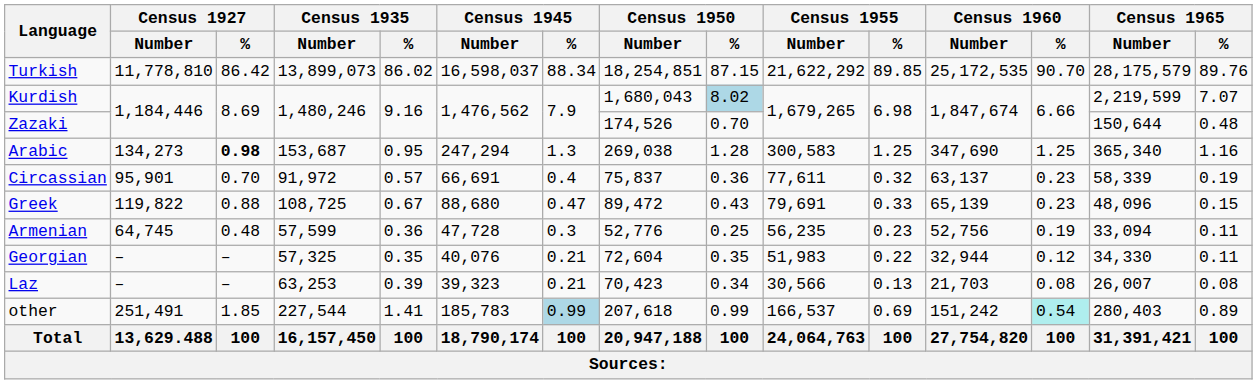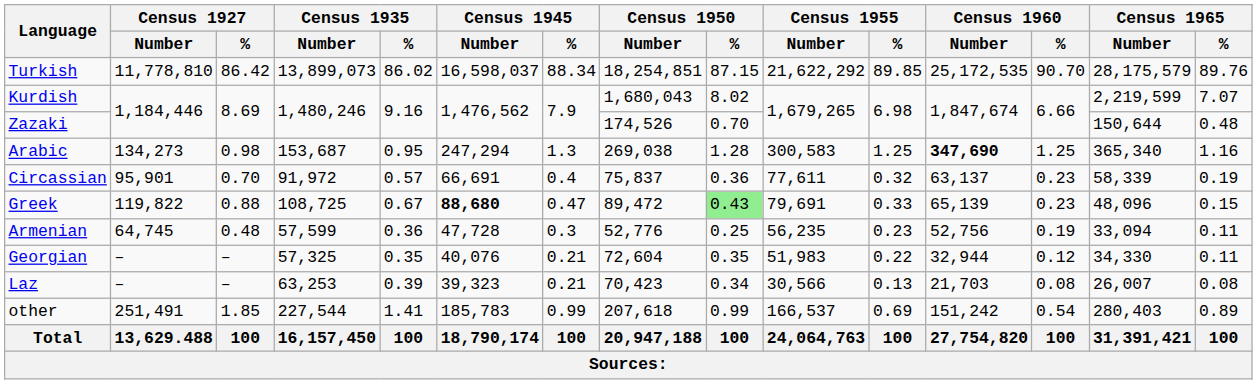 <table class="wikitable">
 <tr>
 <th rowspan="2">Language</th>
 <th colspan="2">Census 1927</th>
 <th colspan="2">Census 1935</th>
 <th colspan="2">Census 1945</th>
 <th colspan="2">Census 1950</th>
 <th colspan="2">Census 1955</th>
 <th colspan="2">Census 1960</th>
 <th colspan="2">Census 1965</th>
 </tr>
 <tr>
 <th>Number</th>
 <th>%</th>
 <th>Number</th>
 <th>%</th>
 <th>Number</th>
 <th>%</th>
 <th>Number</th>
 <th>%</th>
 <th>Number</th>
 <th>%</th>
 <th>Number</th>
 <th>%</th>
 <th>Number</th>
 <th>%</th>
 </tr>
 <tr>
 <td><a href='#'>Turkish</a></td>
 <td>11,778,810</td>
 <td>86.42</td>
 <td>13,899,073</td>
 <td>86.02</td>
 <td>16,598,037</td>
 <td>88.34</td>
 <td>18,254,851</td>
 <td>87.15</td>
 <td>21,622,292</td>
 <td>89.85</td>
 <td>25,172,535</td>
 <td>90.70</td>
 <td>28,175,579</td>
 <td>89.76</td>
 </tr>
 <tr>
 <td><a href='#'>Kurdish</a></td>
 <td rowspan="2">1,184,446</td>
 <td rowspan="2">8.69</td>
 <td rowspan="2">1,480,246</td>
 <td rowspan="2">9.16</td>
 <td rowspan="2">1,476,562</td>
 <td rowspan="2">7.9</td>
 <td>1,680,043</td>
-<td style="background: lightblue;">8.02</td>
+<td>8.02</td>
 <td rowspan="2">1,679,265</td>
 <td rowspan="2">6.98</td>
 <td rowspan="2">1,847,674</td>
 <td rowspan="2">6.66</td>
 <td>2,219,599</td>
 <td>7.07</td>
 </tr>
 <tr>
 <td><a href='#'>Zazaki</a></td>
 <td>174,526</td>
 <td>0.70</td>
 <td>150,644</td>
 <td>0.48</td>
 </tr>
 <tr>
 <td><a href='#'>Arabic</a></td>
 <td>134,273</td>
-<td><strong>0.98</strong></td>
+<td>0.98</td>
 <td>153,687</td>
 <td>0.95</td>
 <td>247,294</td>
 <td>1.3</td>
 <td>269,038</td>
 <td>1.28</td>
 <td>300,583</td>
 <td>1.25</td>
-<td>347,690</td>
+<td><strong>347,690</strong></td>
 <td>1.25</td>
 <td>365,340</td>
 <td>1.16</td>
 </tr>
 <tr>
 <td><a href='#'>Circassian</a></td>
 <td>95,901</td>
 <td>0.70</td>
 <td>91,972</td>
 <td>0.57</td>
 <td>66,691</td>
 <td>0.4</td>
 <td>75,837</td>
 <td>0.36</td>
 <td>77,611</td>
 <td>0.32</td>
 <td>63,137</td>
 <td>0.23</td>
 <td>58,339</td>
 <td>0.19</td>
 </tr>
 <tr>
 <td><a href='#'>Greek</a></td>
 <td>119,822</td>
 <td>0.88</td>
 <td>108,725</td>
 <td>0.67</td>
-<td>88,680</td>
+<td><strong>88,680</strong></td>
 <td>0.47</td>
 <td>89,472</td>
-<td>0.43</td>
+<td style="background: lightgreen;">0.43</td>
 <td>79,691</td>
 <td>0.33</td>
 <td>65,139</td>
 <td>0.23</td>
 <td>48,096</td>
 <td>0.15</td>
 </tr>
 <tr>
 <td><a href='#'>Armenian</a></td>
 <td>64,745</td>
 <td>0.48</td>
 <td>57,599</td>
 <td>0.36</td>
 <td>47,728</td>
 <td>0.3</td>
 <td>52,776</td>
 <td>0.25</td>
 <td>56,235</td>
 <td>0.23</td>
 <td>52,756</td>
 <td>0.19</td>
 <td>33,094</td>
 <td>0.11</td>
 </tr>
 <tr>
 <td><a href='#'>Georgian</a></td>
 <td>–</td>
 <td>–</td>
 <td>57,325</td>
 <td>0.35</td>
 <td>40,076</td>
 <td>0.21</td>
 <td>72,604</td>
 <td>0.35</td>
 <td>51,983</td>
 <td>0.22</td>
 <td>32,944</td>
 <td>0.12</td>
 <td>34,330</td>
 <td>0.11</td>
 </tr>
 <tr>
 <td><a href='#'>Laz</a></td>
 <td>–</td>
 <td>–</td>
 <td>63,253</td>
 <td>0.39</td>
 <td>39,323</td>
 <td>0.21</td>
 <td>70,423</td>
 <td>0.34</td>
 <td>30,566</td>
 <td>0.13</td>
 <td>21,703</td>
 <td>0.08</td>
 <td>26,007</td>
 <td>0.08</td>
 </tr>
 <tr>
 <td>other</td>
 <td>251,491</td>
 <td>1.85</td>
 <td>227,544</td>
 <td>1.41</td>
 <td>185,783</td>
-<td style="background: lightblue;">0.99</td>
+<td>0.99</td>
 <td>207,618</td>
 <td>0.99</td>
 <td>166,537</td>
 <td>0.69</td>
 <td>151,242</td>
-<td style="background: paleturquoise;">0.54</td>
+<td>0.54</td>
 <td>280,403</td>
 <td>0.89</td>
 </tr>
 <tr>
 <th>Total</th>
 <th>13,629.488</th>
 <th>100</th>
 <th>16,157,450</th>
 <th>100</th>
 <th>18,790,174</th>
 <th>100</th>
 <th>20,947,188</th>
 <th>100</th>
 <th>24,064,763</th>
 <th>100</th>
 <th>27,754,820</th>
 <th>100</th>
 <th>31,391,421</th>
 <th>100</th>
 </tr>
 <tr>
 <th colspan="15">Sources:</th>
 </tr>
 </table>
